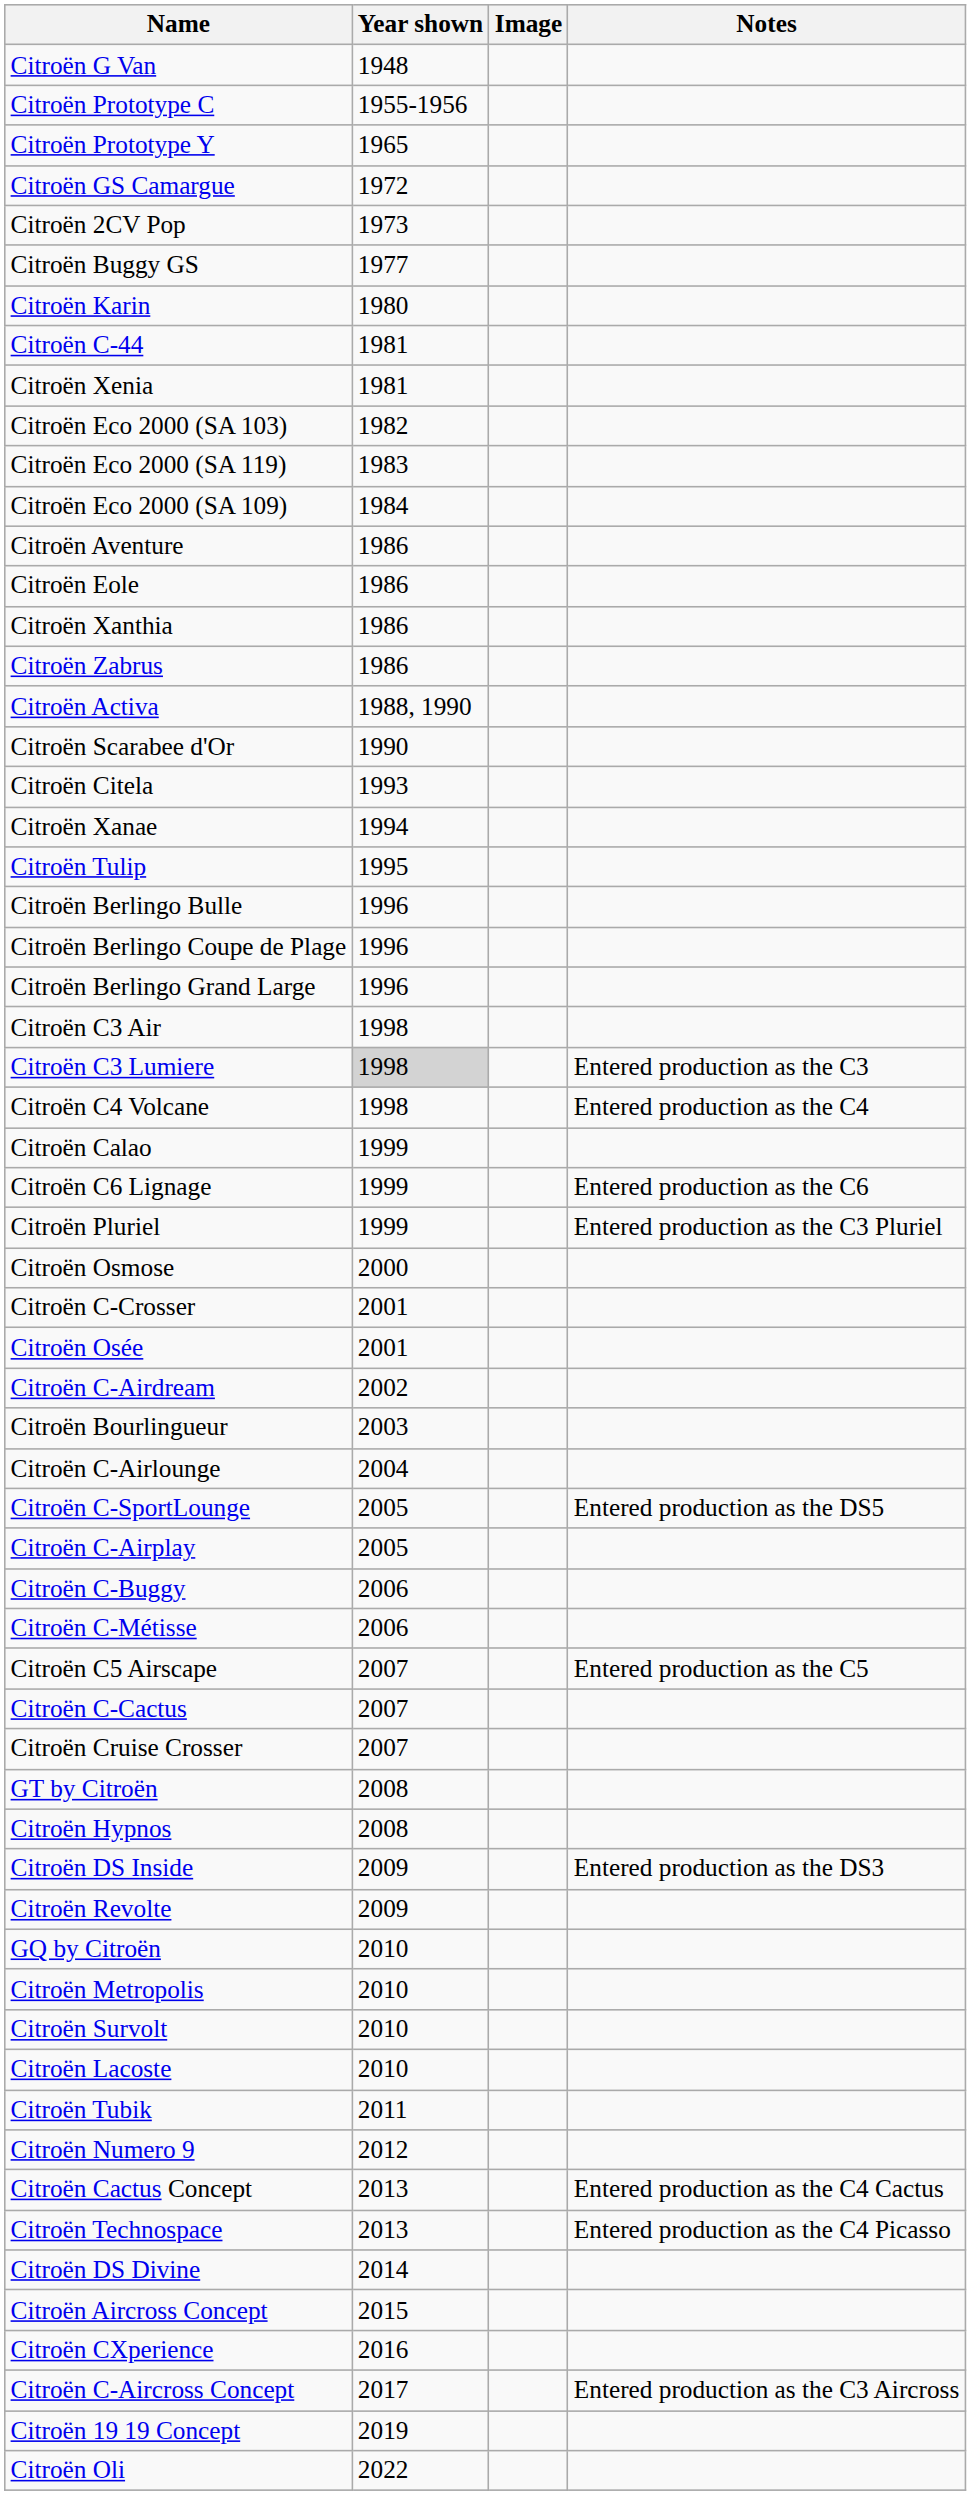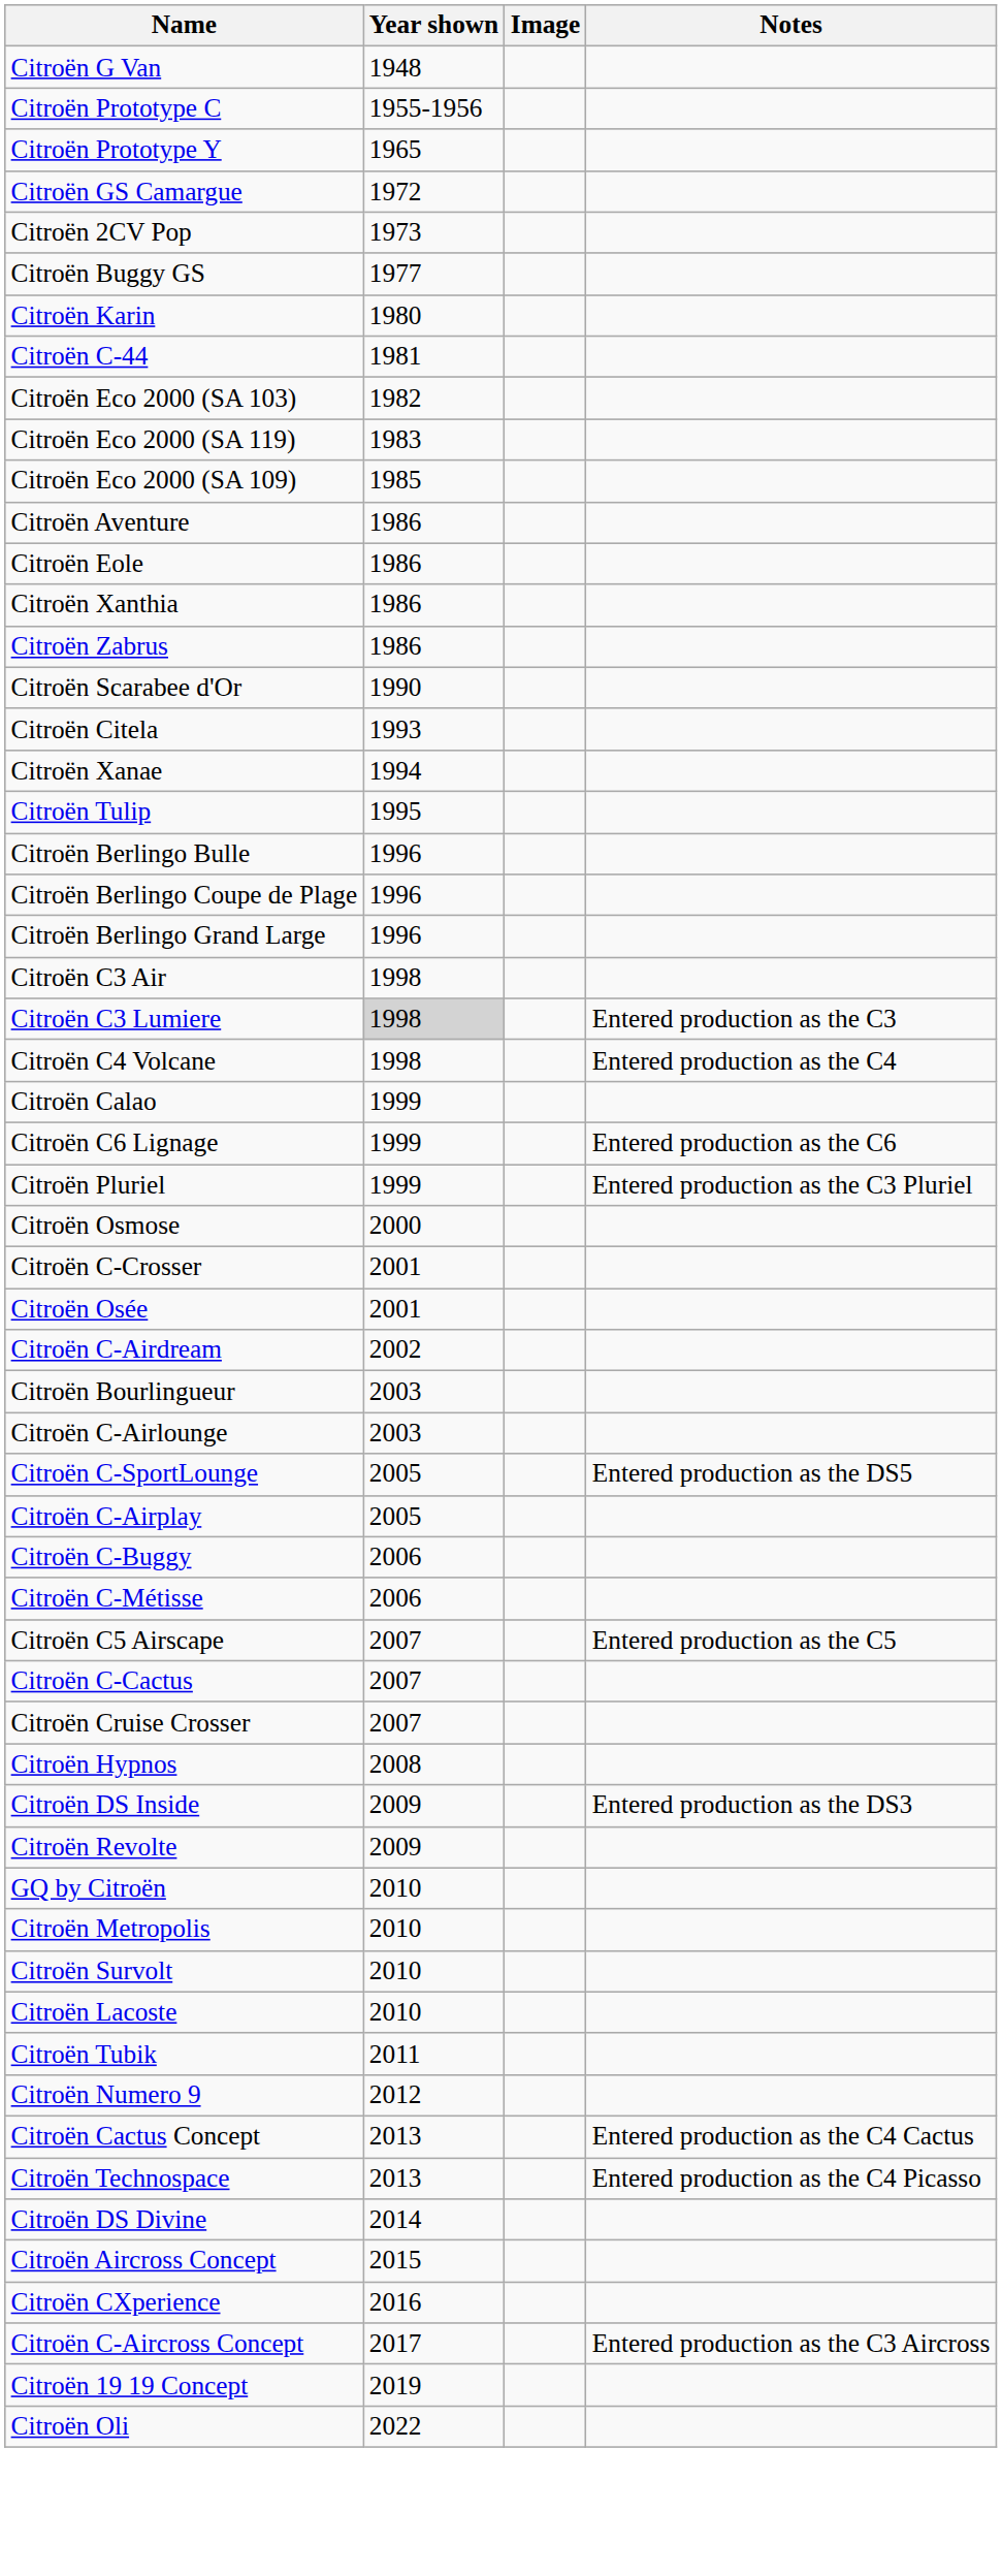 <table class="wikitable sortable">
 <tr>
 <th scope="col">Name</th>
 <th scope="col">Year shown</th>
 <th scope="col">Image</th>
 <th scope="col">Notes</th>
 </tr>
 <tr>
 <td><a href='#'>Citroën G Van</a></td>
 <td>1948</td>
 <td></td>
 <td></td>
 </tr>
 <tr>
 <td><a href='#'>Citroën Prototype C</a></td>
 <td>1955-1956</td>
 <td></td>
 <td></td>
 </tr>
 <tr>
 <td><a href='#'>Citroën Prototype Y</a></td>
 <td>1965</td>
 <td></td>
 <td></td>
 </tr>
 <tr>
 <td><a href='#'>Citroën GS Camargue</a></td>
 <td>1972</td>
 <td></td>
 <td></td>
 </tr>
 <tr>
 <td>Citroën 2CV Pop</td>
 <td>1973</td>
 <td></td>
 <td></td>
 </tr>
 <tr>
 <td>Citroën Buggy GS</td>
 <td>1977</td>
 <td></td>
 <td></td>
 </tr>
 <tr>
 <td><a href='#'>Citroën Karin</a></td>
 <td>1980</td>
 <td></td>
 <td></td>
 </tr>
 <tr>
 <td><a href='#'>Citroën C-44</a></td>
 <td>1981</td>
 <td></td>
 <td></td>
 </tr>
 <tr>
-<td>Citroën Xenia</td>
-<td>1981</td>
-<td></td>
-<td></td>
-</tr>
-<tr>
 <td>Citroën Eco 2000 (SA 103)</td>
 <td>1982</td>
 <td></td>
 <td></td>
 </tr>
 <tr>
 <td>Citroën Eco 2000 (SA 119)</td>
 <td>1983</td>
 <td></td>
 <td></td>
 </tr>
 <tr>
 <td>Citroën Eco 2000 (SA 109)</td>
-<td>1984</td>
+<td>1985</td>
 <td></td>
 <td></td>
 </tr>
 <tr>
 <td>Citroën Aventure</td>
 <td>1986</td>
 <td></td>
 <td></td>
 </tr>
 <tr>
 <td>Citroën Eole</td>
 <td>1986</td>
 <td></td>
 <td></td>
 </tr>
 <tr>
 <td>Citroën Xanthia</td>
 <td>1986</td>
 <td></td>
 <td></td>
 </tr>
 <tr>
 <td><a href='#'>Citroën Zabrus</a></td>
 <td>1986</td>
-<td></td>
-<td></td>
-</tr>
-<tr>
-<td><a href='#'>Citroën Activa</a></td>
-<td>1988, 1990</td>
 <td></td>
 <td></td>
 </tr>
 <tr>
 <td>Citroën Scarabee d'Or</td>
 <td>1990</td>
 <td></td>
 <td></td>
 </tr>
 <tr>
 <td>Citroën Citela</td>
 <td>1993</td>
 <td></td>
 <td></td>
 </tr>
 <tr>
 <td>Citroën Xanae</td>
 <td>1994</td>
 <td></td>
 <td></td>
 </tr>
 <tr>
 <td><a href='#'>Citroën Tulip</a></td>
 <td>1995</td>
 <td></td>
 <td></td>
 </tr>
 <tr>
 <td>Citroën Berlingo Bulle</td>
 <td>1996</td>
 <td></td>
 <td></td>
 </tr>
 <tr>
 <td>Citroën Berlingo Coupe de Plage</td>
 <td>1996</td>
 <td></td>
 <td></td>
 </tr>
 <tr>
 <td>Citroën Berlingo Grand Large</td>
 <td>1996</td>
 <td></td>
 <td></td>
 </tr>
 <tr>
 <td>Citroën C3 Air</td>
 <td>1998</td>
 <td></td>
 <td></td>
 </tr>
 <tr>
 <td><a href='#'>Citroën C3 Lumiere</a></td>
 <td style="background: lightgrey;">1998</td>
 <td></td>
 <td>Entered production as the C3</td>
 </tr>
 <tr>
 <td>Citroën C4 Volcane</td>
 <td>1998</td>
 <td></td>
 <td>Entered production as the C4</td>
 </tr>
 <tr>
 <td>Citroën Calao</td>
 <td>1999</td>
 <td></td>
 <td></td>
 </tr>
 <tr>
 <td>Citroën C6 Lignage</td>
 <td>1999</td>
 <td></td>
 <td>Entered production as the C6</td>
 </tr>
 <tr>
 <td>Citroën Pluriel</td>
 <td>1999</td>
 <td></td>
 <td>Entered production as the C3 Pluriel</td>
 </tr>
 <tr>
 <td>Citroën Osmose</td>
 <td>2000</td>
 <td></td>
 <td></td>
 </tr>
 <tr>
 <td>Citroën C-Crosser</td>
 <td>2001</td>
 <td></td>
 <td></td>
 </tr>
 <tr>
 <td><a href='#'>Citroën Osée</a></td>
 <td>2001</td>
 <td></td>
 <td></td>
 </tr>
 <tr>
 <td><a href='#'>Citroën C-Airdream</a></td>
 <td>2002</td>
 <td></td>
 <td></td>
 </tr>
 <tr>
 <td>Citroën Bourlingueur</td>
 <td>2003</td>
 <td></td>
 <td></td>
 </tr>
 <tr>
 <td>Citroën C-Airlounge</td>
-<td>2004</td>
+<td>2003</td>
 <td></td>
 <td></td>
 </tr>
 <tr>
 <td><a href='#'>Citroën C-SportLounge</a></td>
 <td>2005</td>
 <td></td>
 <td>Entered production as the DS5</td>
 </tr>
 <tr>
 <td><a href='#'>Citroën C-Airplay</a></td>
 <td>2005</td>
 <td></td>
 <td></td>
 </tr>
 <tr>
 <td><a href='#'>Citroën C-Buggy</a></td>
 <td>2006</td>
 <td></td>
 <td></td>
 </tr>
 <tr>
 <td><a href='#'>Citroën C-Métisse</a></td>
 <td>2006</td>
 <td></td>
 <td></td>
 </tr>
 <tr>
 <td>Citroën C5 Airscape</td>
 <td>2007</td>
 <td></td>
 <td>Entered production as the C5</td>
 </tr>
 <tr>
 <td><a href='#'>Citroën C-Cactus</a></td>
 <td>2007</td>
 <td></td>
 <td></td>
 </tr>
 <tr>
 <td>Citroën Cruise Crosser</td>
 <td>2007</td>
-<td></td>
-<td></td>
-</tr>
-<tr>
-<td><a href='#'>GT by Citroën</a></td>
-<td>2008</td>
 <td></td>
 <td></td>
 </tr>
 <tr>
 <td><a href='#'>Citroën Hypnos</a></td>
 <td>2008</td>
 <td></td>
 <td></td>
 </tr>
 <tr>
 <td><a href='#'>Citroën DS Inside</a></td>
 <td>2009</td>
 <td></td>
 <td>Entered production as the DS3</td>
 </tr>
 <tr>
 <td><a href='#'>Citroën Revolte</a></td>
 <td>2009</td>
 <td></td>
 <td></td>
 </tr>
 <tr>
 <td><a href='#'>GQ by Citroën</a></td>
 <td>2010</td>
 <td></td>
 <td></td>
 </tr>
 <tr>
 <td><a href='#'>Citroën Metropolis</a></td>
 <td>2010</td>
 <td></td>
 <td></td>
 </tr>
 <tr>
 <td><a href='#'>Citroën Survolt</a></td>
 <td>2010</td>
 <td></td>
 <td></td>
 </tr>
 <tr>
 <td><a href='#'>Citroën Lacoste</a></td>
 <td>2010</td>
 <td></td>
 <td></td>
 </tr>
 <tr>
 <td><a href='#'>Citroën Tubik</a></td>
 <td>2011</td>
 <td></td>
 <td></td>
 </tr>
 <tr>
 <td><a href='#'>Citroën Numero 9</a></td>
 <td>2012</td>
 <td></td>
 <td></td>
 </tr>
 <tr>
 <td><a href='#'>Citroën Cactus</a> Concept</td>
 <td>2013</td>
 <td></td>
 <td>Entered production as the C4 Cactus</td>
 </tr>
 <tr>
 <td><a href='#'>Citroën Technospace</a></td>
 <td>2013</td>
 <td></td>
 <td>Entered production as the C4 Picasso</td>
 </tr>
 <tr>
 <td><a href='#'>Citroën DS Divine</a></td>
 <td>2014</td>
 <td></td>
 <td></td>
 </tr>
 <tr>
 <td><a href='#'>Citroën Aircross Concept</a></td>
 <td>2015</td>
 <td></td>
 <td></td>
 </tr>
 <tr>
 <td><a href='#'>Citroën CXperience</a></td>
 <td>2016</td>
 <td></td>
 <td></td>
 </tr>
 <tr>
 <td><a href='#'>Citroën C-Aircross Concept</a></td>
 <td>2017</td>
 <td></td>
 <td>Entered production as the C3 Aircross</td>
 </tr>
 <tr>
 <td><a href='#'>Citroën 19 19 Concept</a></td>
 <td>2019</td>
 <td></td>
 <td></td>
 </tr>
 <tr>
 <td><a href='#'>Citroën Oli</a></td>
 <td>2022</td>
 <td></td>
 <td></td>
 </tr>
 </table>
